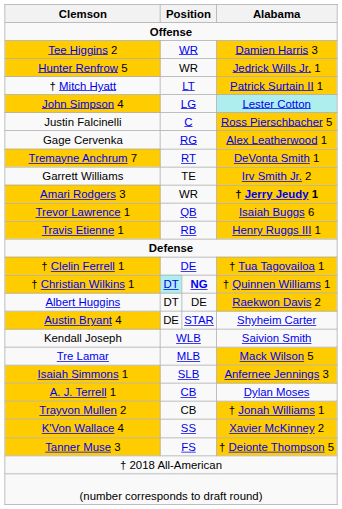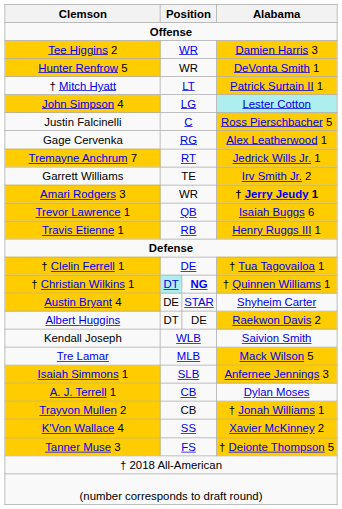 <table class="wikitable" style="text-align:center; font-size: 95%; margin: 1em auto;">
 <tr>
 <th style="width:200px;">Clemson</th>
 <th colspan=2>Position</th>
 <th>Alabama</th>
 </tr>
 <tr>
 <td colspan="4"><strong>Offense</strong></td>
 </tr>
 <tr>
 <td bgcolor="#FFCC00"><a href='#'>Tee Higgins</a> 2</td>
 <td colspan="2"><a href='#'>WR</a></td>
 <td bgcolor="#FFCC00"><a href='#'>Damien Harris</a> 3</td>
 </tr>
 <tr>
 <td bgcolor="#FFCC00"><a href='#'>Hunter Renfrow</a> 5</td>
 <td colspan="2">WR</td>
-<td bgcolor="#FFCC00"><a href='#'>Jedrick Wills Jr.</a> 1</td>
+<td bgcolor="#FFCC00"><a href='#'>DeVonta Smith</a> 1</td>
 </tr>
 <tr>
 <td>† <a href='#'>Mitch Hyatt</a></td>
 <td colspan="2"><a href='#'>LT</a></td>
 <td bgcolor="#FFCC00"><a href='#'>Patrick Surtain II</a> 1</td>
 </tr>
 <tr>
 <td bgcolor="#FFCC00"><a href='#'>John Simpson</a> 4</td>
 <td colspan="2"><a href='#'>LG</a></td>
 <td style="background: paleturquoise;"><a href='#'>Lester Cotton</a></td>
 </tr>
 <tr>
 <td>Justin Falcinelli</td>
 <td colspan="2"><a href='#'>C</a></td>
 <td bgcolor="#FFCC00"><a href='#'>Ross Pierschbacher</a> 5</td>
 </tr>
 <tr>
 <td>Gage Cervenka</td>
 <td colspan="2"><a href='#'>RG</a></td>
 <td bgcolor="#FFCC00"><a href='#'>Alex Leatherwood</a> 1</td>
 </tr>
 <tr>
 <td bgcolor="#FFCC00"><a href='#'>Tremayne Anchrum</a> 7</td>
 <td colspan="2"><a href='#'>RT</a></td>
-<td bgcolor="#FFCC00"><a href='#'>DeVonta Smith</a> 1</td>
+<td bgcolor="#FFCC00"><a href='#'>Jedrick Wills Jr.</a> 1</td>
 </tr>
 <tr>
 <td>Garrett Williams</td>
 <td colspan="2">TE</td>
 <td bgcolor="#FFCC00"><a href='#'>Irv Smith Jr.</a> 2</td>
 </tr>
 <tr>
 <td bgcolor="#FFCC00"><a href='#'>Amari Rodgers</a> 3</td>
 <td colspan="2">WR</td>
 <td bgcolor="#FFCC00"><strong>† <a href='#'>Jerry Jeudy</a> 1</strong></td>
 </tr>
 <tr>
 <td bgcolor="#FFCC00"><a href='#'>Trevor Lawrence</a> 1</td>
 <td colspan="2"><a href='#'>QB</a></td>
 <td bgcolor="#FFCC00"><a href='#'>Isaiah Buggs</a> 6</td>
 </tr>
 <tr>
 <td bgcolor="#FFCC00"><a href='#'>Travis Etienne</a> 1</td>
 <td colspan="2"><a href='#'>RB</a></td>
 <td bgcolor="#FFCC00"><a href='#'>Henry Ruggs III</a> 1</td>
 </tr>
 <tr>
 <td colspan="4"><strong>Defense</strong></td>
 </tr>
 <tr>
 <td bgcolor="#FFCC00">† <a href='#'>Clelin Ferrell</a> 1</td>
 <td colspan="2"><a href='#'>DE</a></td>
 <td bgcolor="#FFCC00">† <a href='#'>Tua Tagovailoa</a> 1</td>
 </tr>
 <tr>
 <td bgcolor="#FFCC00">† <a href='#'>Christian Wilkins</a> 1</td>
 <td style="background: paleturquoise;"><a href='#'>DT</a></td>
 <td><strong><a href='#'>NG</a></strong></td>
 <td bgcolor="#FFCC00">† <a href='#'>Quinnen Williams</a> 1</td>
 </tr>
 <tr>
+<td bgcolor="#FFCC00"><a href='#'>Austin Bryant</a> 4</td>
+<td>DE</td>
+<td><a href='#'>STAR</a></td>
+<td><a href='#'>Shyheim Carter</a></td>
+</tr>
+<tr>
 <td><a href='#'>Albert Huggins</a></td>
 <td>DT</td>
 <td>DE</td>
 <td bgcolor="#FFCC00"><a href='#'>Raekwon Davis</a> 2</td>
-</tr>
-<tr>
-<td bgcolor="#FFCC00"><a href='#'>Austin Bryant</a> 4</td>
-<td>DE</td>
-<td><a href='#'>STAR</a></td>
-<td><a href='#'>Shyheim Carter</a></td>
 </tr>
 <tr>
 <td>Kendall Joseph</td>
 <td colspan="2"><a href='#'>WLB</a></td>
 <td><a href='#'>Saivion Smith</a></td>
 </tr>
 <tr>
 <td><a href='#'>Tre Lamar</a></td>
 <td colspan="2"><a href='#'>MLB</a></td>
 <td bgcolor="#FFCC00"><a href='#'>Mack Wilson</a> 5</td>
 </tr>
 <tr>
 <td bgcolor="#FFCC00"><a href='#'>Isaiah Simmons</a> 1</td>
 <td colspan="2"><a href='#'>SLB</a></td>
 <td bgcolor="#FFCC00"><a href='#'>Anfernee Jennings</a> 3</td>
 </tr>
 <tr>
 <td bgcolor="#FFCC00"><a href='#'>A. J. Terrell</a> 1</td>
 <td colspan="2"><a href='#'>CB</a></td>
 <td><a href='#'>Dylan Moses</a></td>
 </tr>
 <tr>
 <td bgcolor="#FFCC00"><a href='#'>Trayvon Mullen</a> 2</td>
 <td colspan="2">CB</td>
 <td bgcolor="#FFCC00">† <a href='#'>Jonah Williams</a> 1</td>
 </tr>
 <tr>
 <td bgcolor="#FFCC00"><a href='#'>K'Von Wallace</a> 4</td>
 <td colspan="2"><a href='#'>SS</a></td>
 <td bgcolor="#FFCC00"><a href='#'>Xavier McKinney</a> 2</td>
 </tr>
 <tr>
 <td bgcolor="#FFCC00"><a href='#'>Tanner Muse</a> 3</td>
 <td colspan="2"><a href='#'>FS</a></td>
 <td bgcolor="#FFCC00">† <a href='#'>Deionte Thompson</a> 5</td>
 </tr>
 <tr>
 <td colspan="4">† 2018 All-American</td>
 </tr>
 <tr>
 <td colspan=4><br>(number corresponds to draft round)</td>
 </tr>
 </table>
